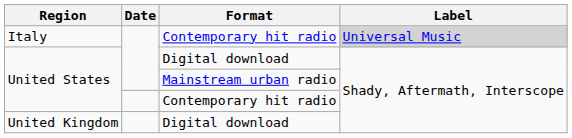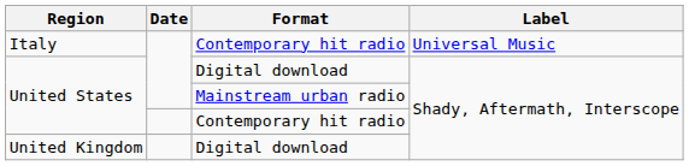 <table class="wikitable plainrowheaders">
 <tr>
 <th scope="col">Region</th>
 <th>Date</th>
 <th>Format</th>
 <th>Label</th>
 </tr>
 <tr>
 <td>Italy</td>
 <td rowspan="3"></td>
 <td><a href='#'>Contemporary hit radio</a></td>
-<td style="background: lightgrey;"><a href='#'>Universal Music</a></td>
+<td><a href='#'>Universal Music</a></td>
 </tr>
 <tr>
 <td rowspan="3">United States</td>
 <td>Digital download</td>
 <td rowspan="4">Shady, Aftermath, Interscope</td>
 </tr>
 <tr>
 <td><a href='#'>Mainstream urban</a> radio</td>
 </tr>
 <tr>
 <td></td>
 <td>Contemporary hit radio</td>
 </tr>
 <tr>
 <td>United Kingdom</td>
 <td></td>
 <td>Digital download</td>
 </tr>
 </table>
